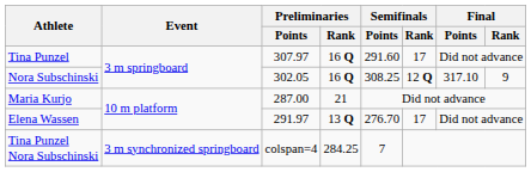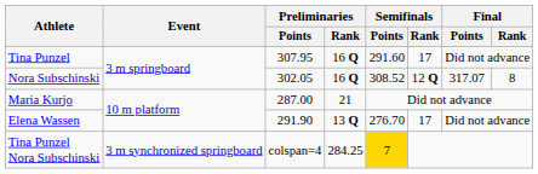 <table class=wikitable style="font-size:90%">
 <tr>
 <th rowspan="2">Athlete</th>
 <th rowspan="2">Event</th>
 <th colspan="2">Preliminaries</th>
 <th colspan="2">Semifinals</th>
 <th colspan="2">Final</th>
 </tr>
 <tr style="font-size:95%">
 <th>Points</th>
 <th>Rank</th>
 <th>Points</th>
 <th>Rank</th>
 <th>Points</th>
 <th>Rank</th>
 </tr>
 <tr align=center>
 <td align=left><a href='#'>Tina Punzel</a></td>
 <td align=left rowspan=2><a href='#'>3 m springboard</a></td>
-<td>307.97</td>
+<td>307.95</td>
 <td>16 <strong>Q</strong></td>
 <td>291.60</td>
 <td>17</td>
 <td colspan=2>Did not advance</td>
 </tr>
 <tr align=center>
 <td align=left><a href='#'>Nora Subschinski</a></td>
 <td>302.05</td>
 <td>16 <strong>Q</strong></td>
-<td>308.25</td>
+<td>308.52</td>
 <td>12 <strong>Q</strong></td>
-<td>317.10</td>
-<td>9</td>
+<td>317.07</td>
+<td>8</td>
 </tr>
 <tr align=center>
 <td align=left><a href='#'>Maria Kurjo</a></td>
 <td align=left rowspan=2><a href='#'>10 m platform</a></td>
 <td>287.00</td>
 <td>21</td>
 <td colspan="4">Did not advance</td>
 </tr>
 <tr align=center>
 <td align=left><a href='#'>Elena Wassen</a></td>
-<td>291.97</td>
+<td>291.90</td>
 <td>13 <strong>Q</strong></td>
 <td>276.70</td>
 <td>17</td>
 <td colspan=2>Did not advance</td>
 </tr>
 <tr align=center>
 <td align=left><a href='#'>Tina Punzel</a><br><a href='#'>Nora Subschinski</a></td>
 <td align=left><a href='#'>3 m synchronized springboard</a></td>
 <td>colspan=4 </td>
 <td>284.25</td>
-<td>7</td>
+<td style="background: gold;">7</td>
 </tr>
 </table>
